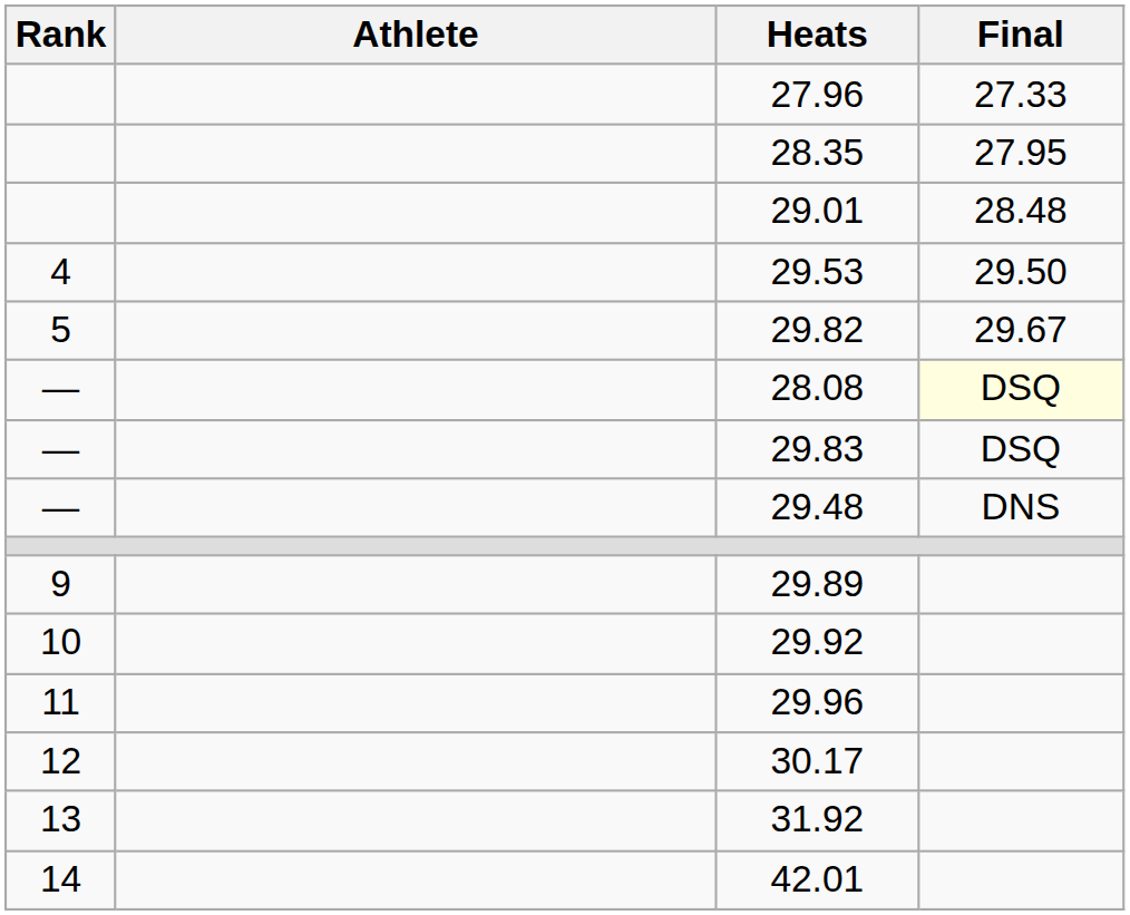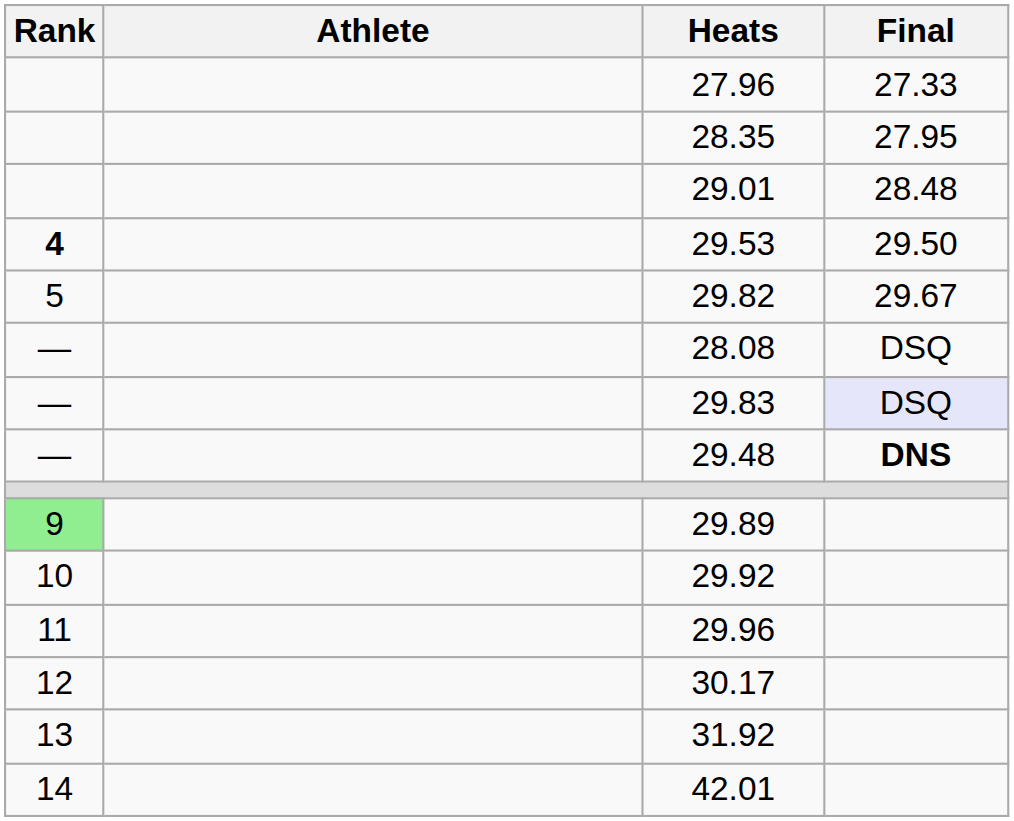 <table class=wikitable style="text-align:center">
 <tr>
 <th width=40>Rank</th>
 <th width=250>Athlete</th>
 <th width=80>Heats</th>
 <th width=80>Final</th>
 </tr>
 <tr>
 <td></td>
 <td align=left></td>
 <td>27.96</td>
 <td>27.33</td>
 </tr>
 <tr>
 <td></td>
 <td align=left></td>
 <td>28.35</td>
 <td>27.95</td>
 </tr>
 <tr>
 <td></td>
 <td align=left></td>
 <td>29.01</td>
 <td>28.48</td>
 </tr>
 <tr>
-<td>4</td>
+<td><strong>4</strong></td>
 <td align=left></td>
 <td>29.53</td>
 <td>29.50</td>
 </tr>
 <tr>
 <td>5</td>
 <td align=left></td>
 <td>29.82</td>
 <td>29.67</td>
 </tr>
 <tr>
 <td>—</td>
 <td align=left></td>
 <td>28.08</td>
-<td style="background: lightyellow;">DSQ</td>
+<td>DSQ</td>
 </tr>
 <tr>
 <td>—</td>
 <td align=left></td>
 <td>29.83</td>
-<td>DSQ</td>
+<td style="background: lavender;">DSQ</td>
 </tr>
 <tr>
 <td>—</td>
 <td align=left></td>
 <td>29.48</td>
-<td>DNS</td>
+<td><strong>DNS</strong></td>
 </tr>
 <tr bgcolor=#DDDDDD>
 <td colspan=4></td>
 </tr>
 <tr>
-<td>9</td>
+<td style="background: lightgreen;">9</td>
 <td align=left></td>
 <td>29.89</td>
 <td></td>
 </tr>
 <tr>
 <td>10</td>
 <td align=left></td>
 <td>29.92</td>
 <td></td>
 </tr>
 <tr>
 <td>11</td>
 <td align=left></td>
 <td>29.96</td>
 <td></td>
 </tr>
 <tr>
 <td>12</td>
 <td align=left></td>
 <td>30.17</td>
 <td></td>
 </tr>
 <tr>
 <td>13</td>
 <td align=left></td>
 <td>31.92</td>
 <td></td>
 </tr>
 <tr>
 <td>14</td>
 <td align=left></td>
 <td>42.01</td>
 <td></td>
 </tr>
 </table>
